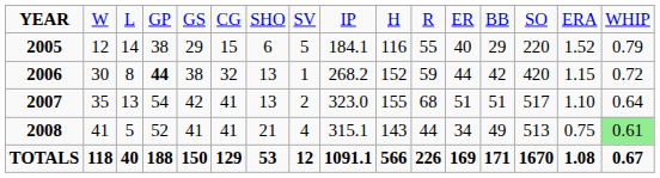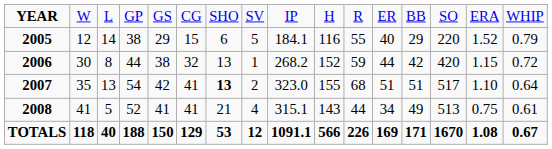 <table class="wikitable">
 <tr align=center>
 <td><strong>YEAR</strong></td>
 <td><a href='#'>W</a></td>
 <td><a href='#'>L</a></td>
 <td><a href='#'>GP</a></td>
 <td><a href='#'>GS</a></td>
 <td><a href='#'>CG</a></td>
 <td><a href='#'>SHO</a></td>
 <td><a href='#'>SV</a></td>
 <td><a href='#'>IP</a></td>
 <td><a href='#'>H</a></td>
 <td><a href='#'>R</a></td>
 <td><a href='#'>ER</a></td>
 <td><a href='#'>BB</a></td>
 <td><a href='#'>SO</a></td>
 <td><a href='#'>ERA</a></td>
 <td><a href='#'>WHIP</a></td>
 </tr>
 <tr align=center>
 <td><strong>2005</strong></td>
 <td>12</td>
 <td>14</td>
 <td>38</td>
 <td>29</td>
 <td>15</td>
 <td>6</td>
 <td>5</td>
 <td>184.1</td>
 <td>116</td>
 <td>55</td>
 <td>40</td>
 <td>29</td>
 <td>220</td>
 <td>1.52</td>
 <td>0.79</td>
 </tr>
 <tr align=center>
 <td><strong>2006</strong></td>
 <td>30</td>
 <td>8</td>
-<td><strong>44</strong></td>
+<td>44</td>
 <td>38</td>
 <td>32</td>
 <td>13</td>
 <td>1</td>
 <td>268.2</td>
 <td>152</td>
 <td>59</td>
 <td>44</td>
 <td>42</td>
 <td>420</td>
 <td>1.15</td>
 <td>0.72</td>
 </tr>
 <tr align=center>
 <td><strong>2007</strong></td>
 <td>35</td>
 <td>13</td>
 <td>54</td>
 <td>42</td>
 <td>41</td>
-<td>13</td>
+<td><strong>13</strong></td>
 <td>2</td>
 <td>323.0</td>
 <td>155</td>
 <td>68</td>
 <td>51</td>
 <td>51</td>
 <td>517</td>
 <td>1.10</td>
 <td>0.64</td>
 </tr>
 <tr align=center>
 <td><strong>2008</strong></td>
 <td>41</td>
 <td>5</td>
 <td>52</td>
 <td>41</td>
 <td>41</td>
 <td>21</td>
 <td>4</td>
 <td>315.1</td>
 <td>143</td>
 <td>44</td>
 <td>34</td>
 <td>49</td>
 <td>513</td>
 <td>0.75</td>
-<td style="background: lightgreen;">0.61</td>
+<td>0.61</td>
 </tr>
 <tr align=center>
 <td><strong>TOTALS</strong></td>
 <td><strong>118</strong></td>
 <td><strong>40</strong></td>
 <td><strong>188</strong></td>
 <td><strong>150</strong></td>
 <td><strong>129</strong></td>
 <td><strong>53</strong></td>
 <td><strong>12</strong></td>
 <td><strong>1091.1</strong></td>
 <td><strong>566</strong></td>
 <td><strong>226</strong></td>
 <td><strong>169</strong></td>
 <td><strong>171</strong></td>
 <td><strong>1670</strong></td>
 <td><strong>1.08</strong></td>
 <td><strong>0.67</strong></td>
 </tr>
 </table>
